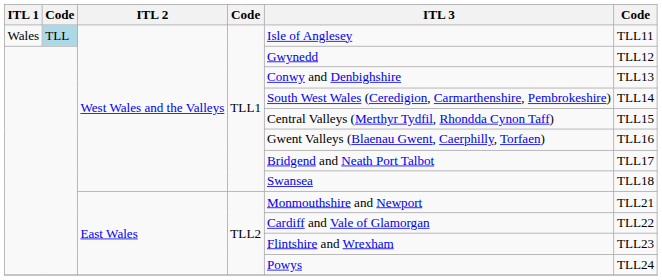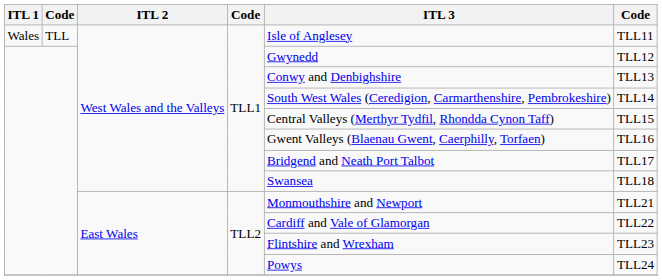 <table class="wikitable">
 <tr>
 <th>ITL 1</th>
 <th>Code</th>
 <th>ITL 2</th>
 <th>Code</th>
 <th>ITL 3</th>
 <th>Code</th>
 </tr>
 <tr>
 <td>Wales</td>
-<td style="background: lightblue;">TLL</td>
+<td>TLL</td>
 <td rowspan="8"><a href='#'>West Wales and the Valleys</a></td>
 <td rowspan="8">TLL1</td>
 <td><a href='#'>Isle of Anglesey</a></td>
 <td>TLL11</td>
 </tr>
 <tr>
 <td colspan="2" rowspan="11" align="center"></td>
 <td><a href='#'>Gwynedd</a></td>
 <td>TLL12</td>
 </tr>
 <tr>
 <td><a href='#'>Conwy</a> and <a href='#'>Denbighshire</a></td>
 <td>TLL13</td>
 </tr>
 <tr>
 <td><a href='#'>South West Wales</a> (<a href='#'>Ceredigion</a>, <a href='#'>Carmarthenshire</a>, <a href='#'>Pembrokeshire</a>)</td>
 <td>TLL14</td>
 </tr>
 <tr>
 <td>Central Valleys (<a href='#'>Merthyr Tydfil</a>, <a href='#'>Rhondda Cynon Taff</a>)</td>
 <td>TLL15</td>
 </tr>
 <tr>
 <td>Gwent Valleys (<a href='#'>Blaenau Gwent</a>, <a href='#'>Caerphilly</a>, <a href='#'>Torfaen</a>)</td>
 <td>TLL16</td>
 </tr>
 <tr>
 <td><a href='#'>Bridgend</a> and <a href='#'>Neath Port Talbot</a></td>
 <td>TLL17</td>
 </tr>
 <tr>
 <td><a href='#'>Swansea</a></td>
 <td>TLL18</td>
 </tr>
 <tr>
 <td rowspan="4"><a href='#'>East Wales</a></td>
 <td rowspan="4">TLL2</td>
 <td><a href='#'>Monmouthshire</a> and <a href='#'>Newport</a></td>
 <td>TLL21</td>
 </tr>
 <tr>
 <td><a href='#'>Cardiff</a> and <a href='#'>Vale of Glamorgan</a></td>
 <td>TLL22</td>
 </tr>
 <tr>
 <td><a href='#'>Flintshire</a> and <a href='#'>Wrexham</a></td>
 <td>TLL23</td>
 </tr>
 <tr>
 <td><a href='#'>Powys</a></td>
 <td>TLL24</td>
 </tr>
 <tr>
 </tr>
 </table>
